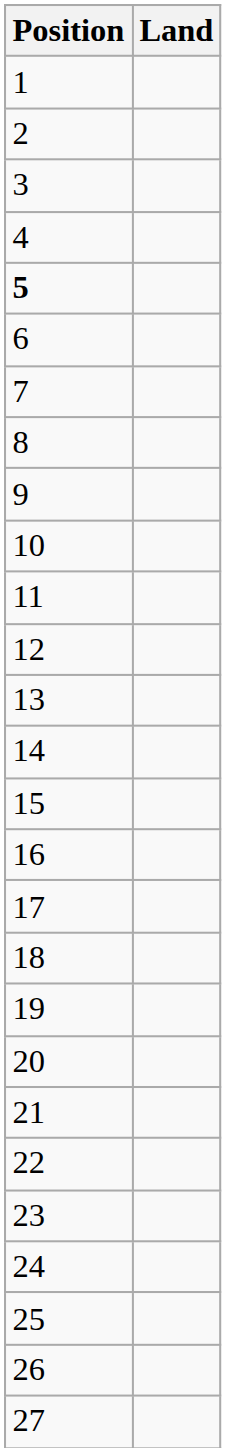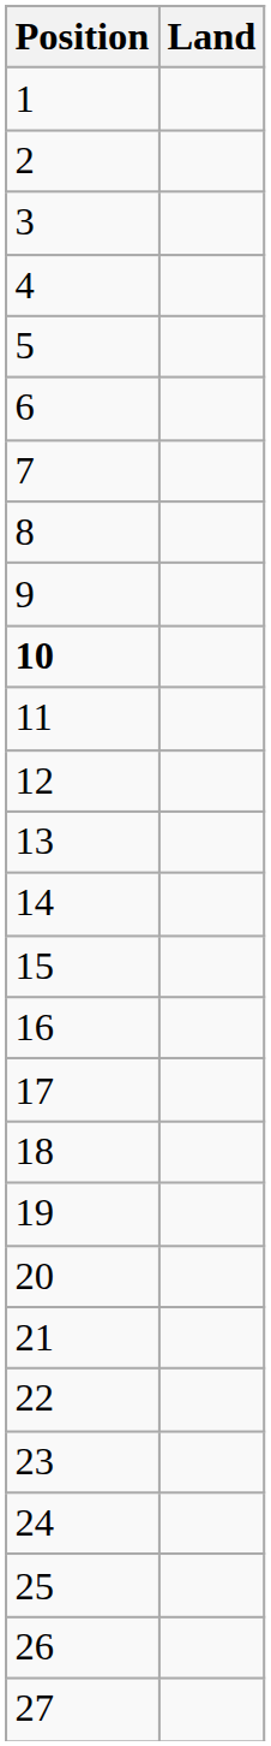 <table class="wikitable">
 <tr>
 <th>Position</th>
 <th>Land</th>
 </tr>
 <tr>
 <td>1</td>
 <td></td>
 </tr>
 <tr>
 <td>2</td>
 <td></td>
 </tr>
 <tr>
 <td>3</td>
 <td></td>
 </tr>
 <tr>
 <td>4</td>
 <td></td>
 </tr>
 <tr>
-<td><strong>5</strong></td>
+<td>5</td>
 <td></td>
 </tr>
 <tr>
 <td>6</td>
 <td></td>
 </tr>
 <tr>
 <td>7</td>
 <td></td>
 </tr>
 <tr>
 <td>8</td>
 <td></td>
 </tr>
 <tr>
 <td>9</td>
 <td></td>
 </tr>
 <tr>
-<td>10</td>
+<td><strong>10</strong></td>
 <td></td>
 </tr>
 <tr>
 <td>11</td>
 <td></td>
 </tr>
 <tr>
 <td>12</td>
 <td></td>
 </tr>
 <tr>
 <td>13</td>
 <td></td>
 </tr>
 <tr>
 <td>14</td>
 <td></td>
 </tr>
 <tr>
 <td>15</td>
 <td></td>
 </tr>
 <tr>
 <td>16</td>
 <td></td>
 </tr>
 <tr>
 <td>17</td>
 <td></td>
 </tr>
 <tr>
 <td>18</td>
 <td></td>
 </tr>
 <tr>
 <td>19</td>
 <td></td>
 </tr>
 <tr>
 <td>20</td>
 <td></td>
 </tr>
 <tr>
 <td>21</td>
 <td></td>
 </tr>
 <tr>
 <td>22</td>
 <td></td>
 </tr>
 <tr>
 <td>23</td>
 <td></td>
 </tr>
 <tr>
 <td>24</td>
 <td></td>
 </tr>
 <tr>
 <td>25</td>
 <td></td>
 </tr>
 <tr>
 <td>26</td>
 <td></td>
 </tr>
 <tr>
 <td>27</td>
 <td></td>
 </tr>
 </table>
